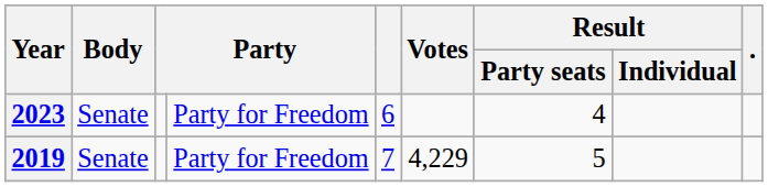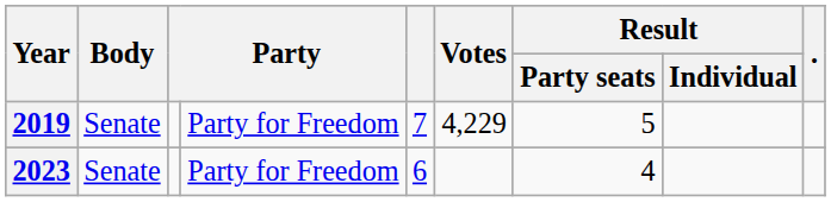 <table class="wikitable plainrowheaders sortable" border=2 cellpadding=4 cellspacing=0 style="border: 1px #aaa solid; font-size: 90%; text-align:center;">
 <tr>
 <th scope="col" rowspan=2>Year</th>
 <th scope="col" rowspan=2>Body</th>
 <th scope="col" colspan=2 rowspan=2>Party</th>
 <th scope="col" rowspan=2></th>
 <th scope="col" rowspan=2>Votes</th>
 <th scope="colgroup" colspan=2>Result</th>
 <th scope="col" rowspan=2 class="unsortable">.</th>
 </tr>
 <tr>
 <th scope="col">Party seats</th>
 <th scope="col">Individual</th>
 </tr>
 <tr>
+<th scope="row"><a href='#'>2019</a></th>
+<td><a href='#'>Senate</a></td>
+<td style="background-color:"></td>
+<td><a href='#'>Party for Freedom</a></td>
+<td style=text-align:right><a href='#'>7</a></td>
+<td style=text-align:right>4,229</td>
+<td style=text-align:right>5</td>
+<td></td>
+<td></td>
+</tr>
+<tr>
 <th scope="row"><a href='#'>2023</a></th>
 <td><a href='#'>Senate</a></td>
 <td style="background-color:"></td>
 <td><a href='#'>Party for Freedom</a></td>
 <td style=text-align:right><a href='#'>6</a></td>
 <td style=text-align:right></td>
 <td style=text-align:right>4</td>
 <td></td>
 <td></td>
 </tr>
-<tr>
-<th scope="row"><a href='#'>2019</a></th>
-<td><a href='#'>Senate</a></td>
-<td style="background-color:"></td>
-<td><a href='#'>Party for Freedom</a></td>
-<td style=text-align:right><a href='#'>7</a></td>
-<td style=text-align:right>4,229</td>
-<td style=text-align:right>5</td>
-<td></td>
-<td></td>
-</tr>
 </table>
